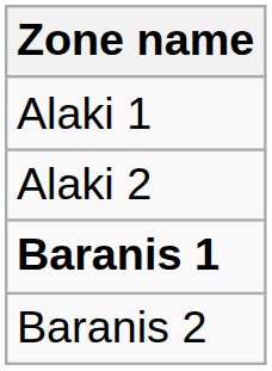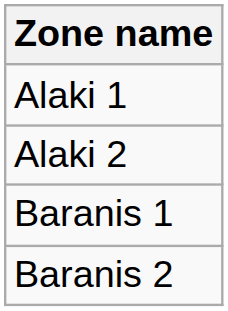 <table class="wikitable">
 <tr>
 <th>Zone name</th>
 </tr>
 <tr>
 <td rowspan="1">Alaki 1</td>
 </tr>
 <tr>
 <td rowspan="1">Alaki 2</td>
 </tr>
 <tr>
-<td rowspan="1"><strong>Baranis 1</strong></td>
+<td rowspan="1">Baranis 1</td>
 </tr>
 <tr>
 <td rowspan="1">Baranis 2</td>
 </tr>
 </table>
